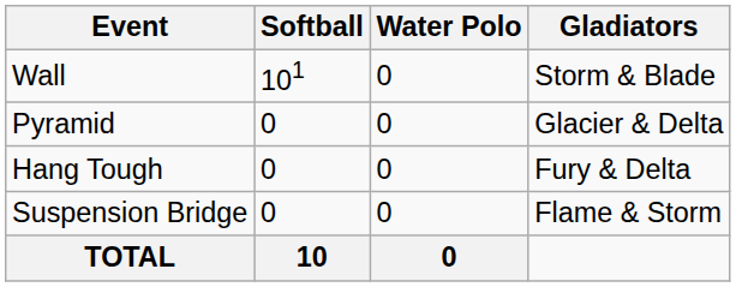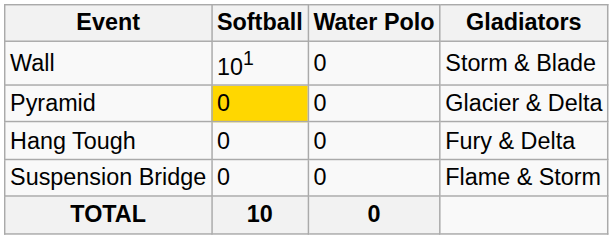 <table class="wikitable">
 <tr>
 <th>Event</th>
 <th>Softball</th>
 <th>Water Polo</th>
 <th>Gladiators</th>
 </tr>
 <tr>
 <td>Wall</td>
 <td>10<sup>1</sup></td>
 <td>0</td>
 <td>Storm & Blade</td>
 </tr>
 <tr>
 <td>Pyramid</td>
-<td>0</td>
+<td style="background: gold;">0</td>
 <td>0</td>
 <td>Glacier & Delta</td>
 </tr>
 <tr>
 <td>Hang Tough</td>
 <td>0</td>
 <td>0</td>
 <td>Fury & Delta</td>
 </tr>
 <tr>
 <td>Suspension Bridge</td>
 <td>0</td>
 <td>0</td>
 <td>Flame & Storm</td>
 </tr>
 <tr>
 <th>TOTAL</th>
 <th>10</th>
 <th>0</th>
 </tr>
 </table>
